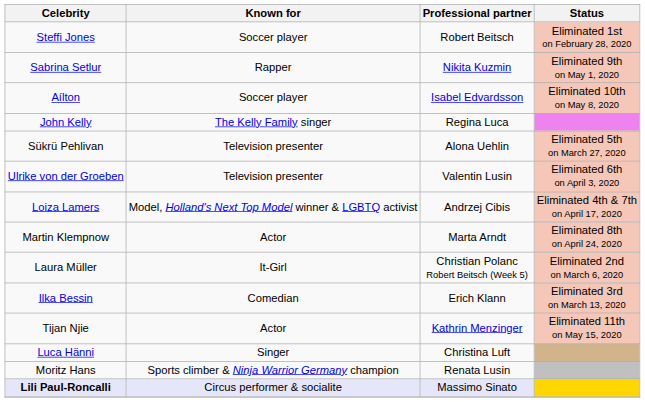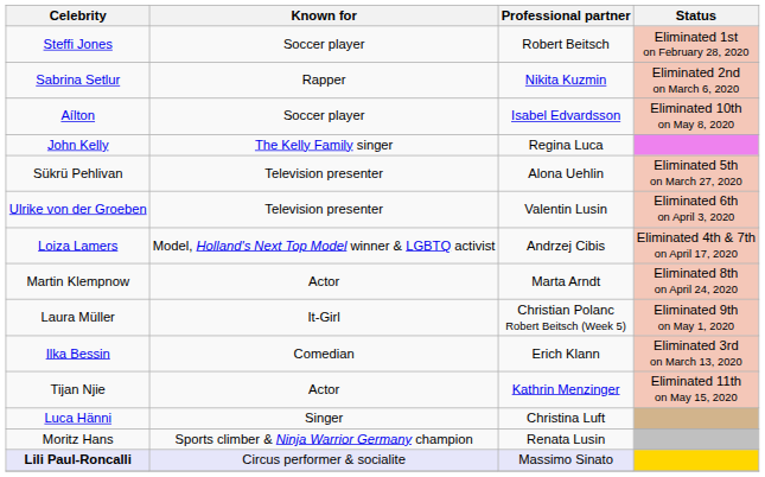 <table class= "wikitable sortable" style="text-align: center; margin:auto; align: center">
 <tr>
 <th>Celebrity</th>
 <th>Known for</th>
 <th>Professional partner</th>
 <th>Status</th>
 </tr>
 <tr>
 <td><a href='#'>Steffi Jones</a></td>
 <td>Soccer player</td>
 <td>Robert Beitsch</td>
 <td bgcolor="#F4C7B8">Eliminated 1st<br><small>on February 28, 2020</small></td>
 </tr>
 <tr>
 <td><a href='#'>Sabrina Setlur</a></td>
 <td>Rapper</td>
 <td><a href='#'>Nikita Kuzmin</a></td>
-<td bgcolor="#F4C7B8">Eliminated 9th<br><small>on May 1, 2020</small></td>
+<td bgcolor="#F4C7B8">Eliminated 2nd<br><small>on March 6, 2020</small></td>
 </tr>
 <tr>
 <td><a href='#'>Aílton</a></td>
 <td>Soccer player</td>
 <td><a href='#'>Isabel Edvardsson</a></td>
 <td bgcolor="#F4C7B8">Eliminated 10th<br><small>on May 8, 2020</small></td>
 </tr>
 <tr>
 <td><a href='#'>John Kelly</a></td>
 <td><a href='#'>The Kelly Family</a> singer</td>
 <td>Regina Luca</td>
 <td bgcolor="violet"></td>
 </tr>
 <tr>
 <td>Sükrü Pehlivan</td>
 <td>Television presenter</td>
 <td>Alona Uehlin</td>
 <td bgcolor="#F4C7B8">Eliminated 5th<br><small>on March 27, 2020</small></td>
 </tr>
 <tr>
 <td><a href='#'>Ulrike von der Groeben</a></td>
 <td>Television presenter</td>
 <td>Valentin Lusin</td>
 <td bgcolor="#F4C7B8">Eliminated 6th<br><small>on April 3, 2020</small></td>
 </tr>
 <tr>
 <td><a href='#'>Loiza Lamers</a></td>
 <td>Model, <em><a href='#'>Holland's Next Top Model</a></em> winner & <a href='#'>LGBTQ</a> activist</td>
 <td>Andrzej Cibis</td>
 <td bgcolor="#F4C7B8">Eliminated 4th & 7th<br><small>on April 17, 2020</small></td>
 </tr>
 <tr>
 <td>Martin Klempnow</td>
 <td>Actor</td>
 <td>Marta Arndt</td>
 <td bgcolor="#F4C7B8">Eliminated 8th<br><small>on April 24, 2020</small></td>
 </tr>
 <tr>
 <td>Laura Müller</td>
 <td>It-Girl</td>
 <td>Christian Polanc<br><small>Robert Beitsch (Week 5)</small></td>
-<td bgcolor="#F4C7B8">Eliminated 2nd<br><small>on March 6, 2020</small></td>
+<td bgcolor="#F4C7B8">Eliminated 9th<br><small>on May 1, 2020</small></td>
 </tr>
 <tr>
 <td><a href='#'>Ilka Bessin</a></td>
 <td>Comedian</td>
 <td>Erich Klann</td>
 <td bgcolor="#F4C7B8">Eliminated 3rd<br><small>on March 13, 2020</small></td>
 </tr>
 <tr>
 <td>Tijan Njie</td>
 <td>Actor</td>
 <td><a href='#'>Kathrin Menzinger</a></td>
 <td bgcolor="#F4C7B8">Eliminated 11th<br><small>on May 15, 2020</small></td>
 </tr>
 <tr>
 <td><a href='#'>Luca Hänni</a></td>
 <td>Singer</td>
 <td>Christina Luft</td>
 <td bgcolor="tan"></td>
 </tr>
 <tr>
 <td>Moritz Hans</td>
 <td>Sports climber & <em><a href='#'>Ninja Warrior Germany</a></em> champion</td>
 <td>Renata Lusin</td>
 <td bgcolor="silver"></td>
 </tr>
 <tr bgcolor="lavender">
 <td><strong>Lili Paul-Roncalli</strong></td>
 <td>Circus performer & socialite</td>
 <td>Massimo Sinato</td>
 <td bgcolor="gold"></td>
 </tr>
 <tr>
 </tr>
 </table>
